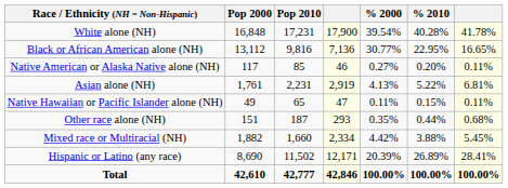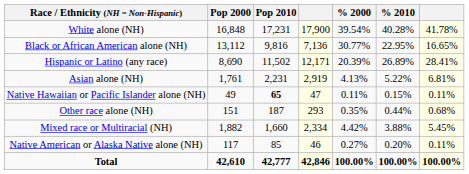 <table class="wikitable" style="text-align:center;">
 <tr>
 <th>Race / Ethnicity <small>(<em>NH = Non-Hispanic</em>)</small></th>
 <th>Pop 2000</th>
 <th>Pop 2010</th>
 <th></th>
 <th>% 2000</th>
 <th>% 2010</th>
 <th></th>
 </tr>
 <tr>
 <td><a href='#'>White</a> alone (NH)</td>
 <td>16,848</td>
 <td>17,231</td>
 <td style='background: #ffffe6;'>17,900</td>
 <td>39.54%</td>
 <td>40.28%</td>
 <td style='background: #ffffe6;'>41.78%</td>
 </tr>
 <tr>
 <td><a href='#'>Black or African American</a> alone (NH)</td>
 <td>13,112</td>
 <td>9,816</td>
 <td style='background: #ffffe6;'>7,136</td>
 <td>30.77%</td>
 <td>22.95%</td>
 <td style='background: #ffffe6;'>16.65%</td>
 </tr>
 <tr>
-<td><a href='#'>Native American</a> or <a href='#'>Alaska Native</a> alone (NH)</td>
-<td>117</td>
-<td>85</td>
-<td style='background: #ffffe6;'>46</td>
-<td>0.27%</td>
-<td>0.20%</td>
-<td style='background: #ffffe6;'>0.11%</td>
+<td><a href='#'>Hispanic or Latino</a> (any race)</td>
+<td>8,690</td>
+<td>11,502</td>
+<td style='background: #ffffe6;'>12,171</td>
+<td>20.39%</td>
+<td>26.89%</td>
+<td style='background: #ffffe6;'>28.41%</td>
 </tr>
 <tr>
 <td><a href='#'>Asian</a> alone (NH)</td>
 <td>1,761</td>
 <td>2,231</td>
 <td style='background: #ffffe6;'>2,919</td>
 <td>4.13%</td>
 <td>5.22%</td>
 <td style='background: #ffffe6;'>6.81%</td>
 </tr>
 <tr>
 <td><a href='#'>Native Hawaiian</a> or <a href='#'>Pacific Islander</a> alone (NH)</td>
 <td>49</td>
-<td>65</td>
+<td><strong>65</strong></td>
 <td style='background: #ffffe6;'>47</td>
 <td>0.11%</td>
 <td>0.15%</td>
 <td style='background: #ffffe6;'>0.11%</td>
 </tr>
 <tr>
 <td><a href='#'>Other race</a> alone (NH)</td>
 <td>151</td>
 <td>187</td>
 <td style='background: #ffffe6;'>293</td>
 <td>0.35%</td>
 <td>0.44%</td>
 <td style='background: #ffffe6;'>0.68%</td>
 </tr>
 <tr>
 <td><a href='#'>Mixed race or Multiracial</a> (NH)</td>
 <td>1,882</td>
 <td>1,660</td>
 <td style='background: #ffffe6;'>2,334</td>
 <td>4.42%</td>
 <td>3.88%</td>
 <td style='background: #ffffe6;'>5.45%</td>
 </tr>
 <tr>
-<td><a href='#'>Hispanic or Latino</a> (any race)</td>
-<td>8,690</td>
-<td>11,502</td>
-<td style='background: #ffffe6;'>12,171</td>
-<td>20.39%</td>
-<td>26.89%</td>
-<td style='background: #ffffe6;'>28.41%</td>
+<td><a href='#'>Native American</a> or <a href='#'>Alaska Native</a> alone (NH)</td>
+<td>117</td>
+<td>85</td>
+<td style='background: #ffffe6;'>46</td>
+<td>0.27%</td>
+<td>0.20%</td>
+<td style='background: #ffffe6;'>0.11%</td>
 </tr>
 <tr>
 <td><strong>Total</strong></td>
 <td><strong>42,610</strong></td>
 <td><strong>42,777</strong></td>
 <td style='background: #ffffe6;'><strong>42,846</strong></td>
 <td><strong>100.00%</strong></td>
 <td><strong>100.00%</strong></td>
 <td style='background: #ffffe6;'><strong>100.00%</strong></td>
 </tr>
 </table>
